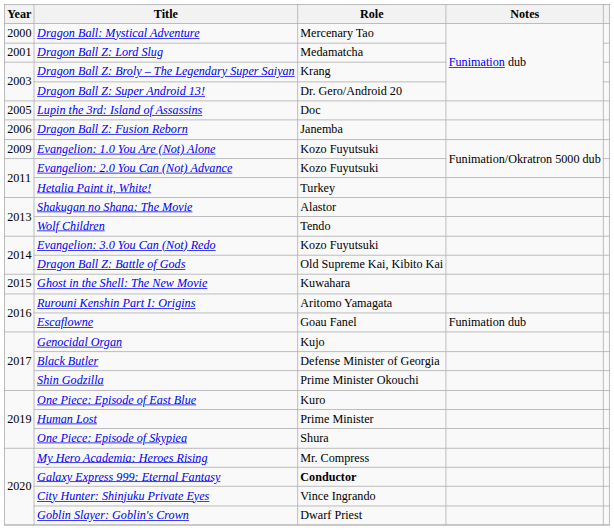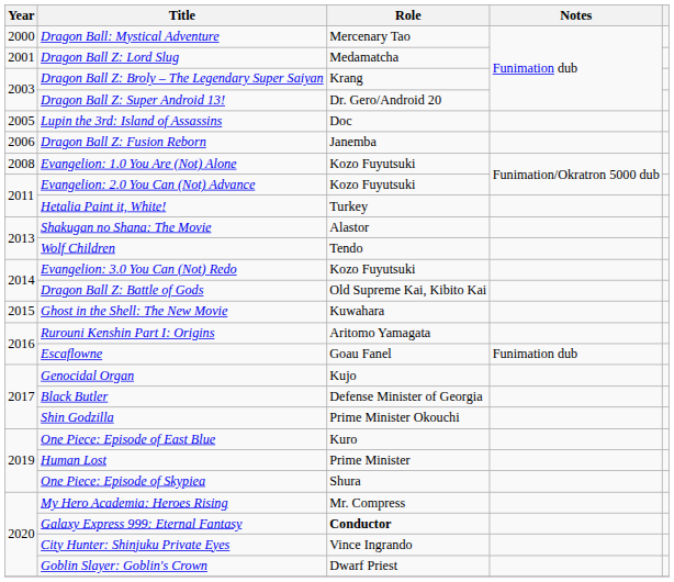 <table class="wikitable sortable plainrowheaders">
 <tr>
 <th>Year</th>
 <th>Title</th>
 <th>Role</th>
 <th class="unsortable">Notes</th>
 <th class="unsortable"></th>
 </tr>
 <tr>
 <td>2000</td>
 <td><em><a href='#'>Dragon Ball: Mystical Adventure</a></em></td>
 <td>Mercenary Tao</td>
 <td rowspan="4"><a href='#'>Funimation</a> dub</td>
 <td></td>
 </tr>
 <tr>
 <td>2001</td>
 <td><em><a href='#'>Dragon Ball Z: Lord Slug</a></em></td>
 <td>Medamatcha</td>
 <td></td>
 </tr>
 <tr>
 <td rowspan="2">2003</td>
 <td><em><a href='#'>Dragon Ball Z: Broly – The Legendary Super Saiyan</a></em></td>
 <td>Krang</td>
 <td></td>
 </tr>
 <tr>
 <td><em><a href='#'>Dragon Ball Z: Super Android 13!</a></em></td>
 <td>Dr. Gero/Android 20</td>
 <td></td>
 </tr>
 <tr>
 <td>2005</td>
 <td><em><a href='#'>Lupin the 3rd: Island of Assassins</a></em></td>
 <td>Doc</td>
 <td></td>
 <td></td>
 </tr>
 <tr>
 <td>2006</td>
 <td><em><a href='#'>Dragon Ball Z: Fusion Reborn</a></em></td>
 <td>Janemba</td>
 <td></td>
 <td></td>
 </tr>
 <tr>
-<td>2009</td>
+<td>2008</td>
 <td><em><a href='#'>Evangelion: 1.0 You Are (Not) Alone</a></em></td>
 <td>Kozo Fuyutsuki</td>
 <td rowspan="2">Funimation/Okratron 5000 dub</td>
 <td></td>
 </tr>
 <tr>
 <td rowspan="2">2011</td>
 <td><em><a href='#'>Evangelion: 2.0 You Can (Not) Advance</a></em></td>
 <td>Kozo Fuyutsuki</td>
 <td></td>
 </tr>
 <tr>
 <td><em><a href='#'>Hetalia Paint it, White!</a></em></td>
 <td>Turkey</td>
 <td></td>
 <td></td>
 </tr>
 <tr>
 <td rowspan="2">2013</td>
 <td><em><a href='#'>Shakugan no Shana: The Movie</a></em></td>
 <td>Alastor</td>
 <td></td>
 <td></td>
 </tr>
 <tr>
 <td><em><a href='#'>Wolf Children</a></em></td>
 <td>Tendo</td>
 <td></td>
 <td></td>
 </tr>
 <tr>
 <td rowspan="2">2014</td>
 <td><em><a href='#'>Evangelion: 3.0 You Can (Not) Redo</a></em></td>
 <td>Kozo Fuyutsuki</td>
 <td></td>
 <td></td>
 </tr>
 <tr>
 <td><em><a href='#'>Dragon Ball Z: Battle of Gods</a></em></td>
 <td>Old Supreme Kai, Kibito Kai</td>
 <td></td>
 <td></td>
 </tr>
 <tr>
 <td>2015</td>
 <td><em><a href='#'>Ghost in the Shell: The New Movie</a></em></td>
 <td>Kuwahara</td>
 <td></td>
 <td></td>
 </tr>
 <tr>
 <td rowspan="2">2016</td>
 <td><em><a href='#'>Rurouni Kenshin Part I: Origins</a></em></td>
 <td>Aritomo Yamagata</td>
 <td></td>
 <td></td>
 </tr>
 <tr>
 <td><em><a href='#'>Escaflowne</a></em></td>
 <td>Goau Fanel</td>
 <td>Funimation dub</td>
 <td></td>
 </tr>
 <tr>
 <td rowspan="3">2017</td>
 <td><em><a href='#'>Genocidal Organ</a></em></td>
 <td>Kujo</td>
 <td></td>
 <td></td>
 </tr>
 <tr>
 <td><em><a href='#'>Black Butler</a></em></td>
 <td>Defense Minister of Georgia</td>
 <td></td>
 <td></td>
 </tr>
 <tr>
 <td><em><a href='#'>Shin Godzilla</a></em></td>
 <td>Prime Minister Okouchi</td>
 <td></td>
 <td></td>
 </tr>
 <tr>
 <td rowspan="3">2019</td>
 <td><em><a href='#'>One Piece: Episode of East Blue</a></em></td>
 <td>Kuro</td>
 <td></td>
 <td></td>
 </tr>
 <tr>
 <td><em><a href='#'>Human Lost</a></em></td>
 <td>Prime Minister</td>
 <td></td>
 <td></td>
 </tr>
 <tr>
 <td><em><a href='#'>One Piece: Episode of Skypiea</a></em></td>
 <td>Shura</td>
 <td></td>
 <td></td>
 </tr>
 <tr>
 <td rowspan="4">2020</td>
 <td><em><a href='#'>My Hero Academia: Heroes Rising</a></em></td>
 <td>Mr. Compress</td>
 <td></td>
 <td></td>
 </tr>
 <tr>
 <td><em><a href='#'>Galaxy Express 999: Eternal Fantasy</a></em></td>
 <td><strong>Conductor</strong></td>
 <td></td>
 <td></td>
 </tr>
 <tr>
 <td><em><a href='#'>City Hunter: Shinjuku Private Eyes</a></em></td>
 <td>Vince Ingrando</td>
 <td></td>
 <td></td>
 </tr>
 <tr>
 <td><em><a href='#'>Goblin Slayer: Goblin's Crown</a></em></td>
 <td>Dwarf Priest</td>
 <td></td>
 <td></td>
 </tr>
 <tr>
 </tr>
 </table>
